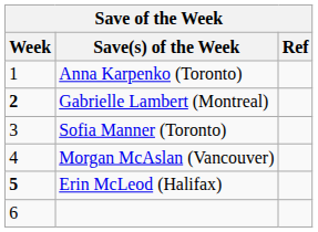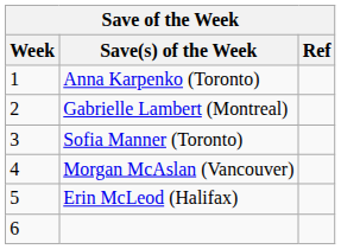 <table class="wikitable mw-collapsible">
 <tr>
 <th colspan="7">Save of the Week</th>
 </tr>
 <tr>
 <th>Week</th>
 <th>Save(s) of the Week</th>
 <th>Ref</th>
 </tr>
 <tr>
 <td>1</td>
 <td> <a href='#'>Anna Karpenko</a> (Toronto)</td>
 <td></td>
 </tr>
 <tr>
-<td><strong>2</strong></td>
+<td>2</td>
 <td> <a href='#'>Gabrielle Lambert</a> (Montreal)</td>
 <td></td>
 </tr>
 <tr>
 <td>3</td>
 <td> <a href='#'>Sofia Manner</a> (Toronto)</td>
 <td></td>
 </tr>
 <tr>
 <td>4</td>
 <td> <a href='#'>Morgan McAslan</a> (Vancouver)</td>
 <td></td>
 </tr>
 <tr>
-<td><strong>5</strong></td>
+<td>5</td>
 <td> <a href='#'>Erin McLeod</a> (Halifax)</td>
 <td></td>
 </tr>
 <tr>
 <td>6</td>
 <td></td>
 <td></td>
 </tr>
 </table>
